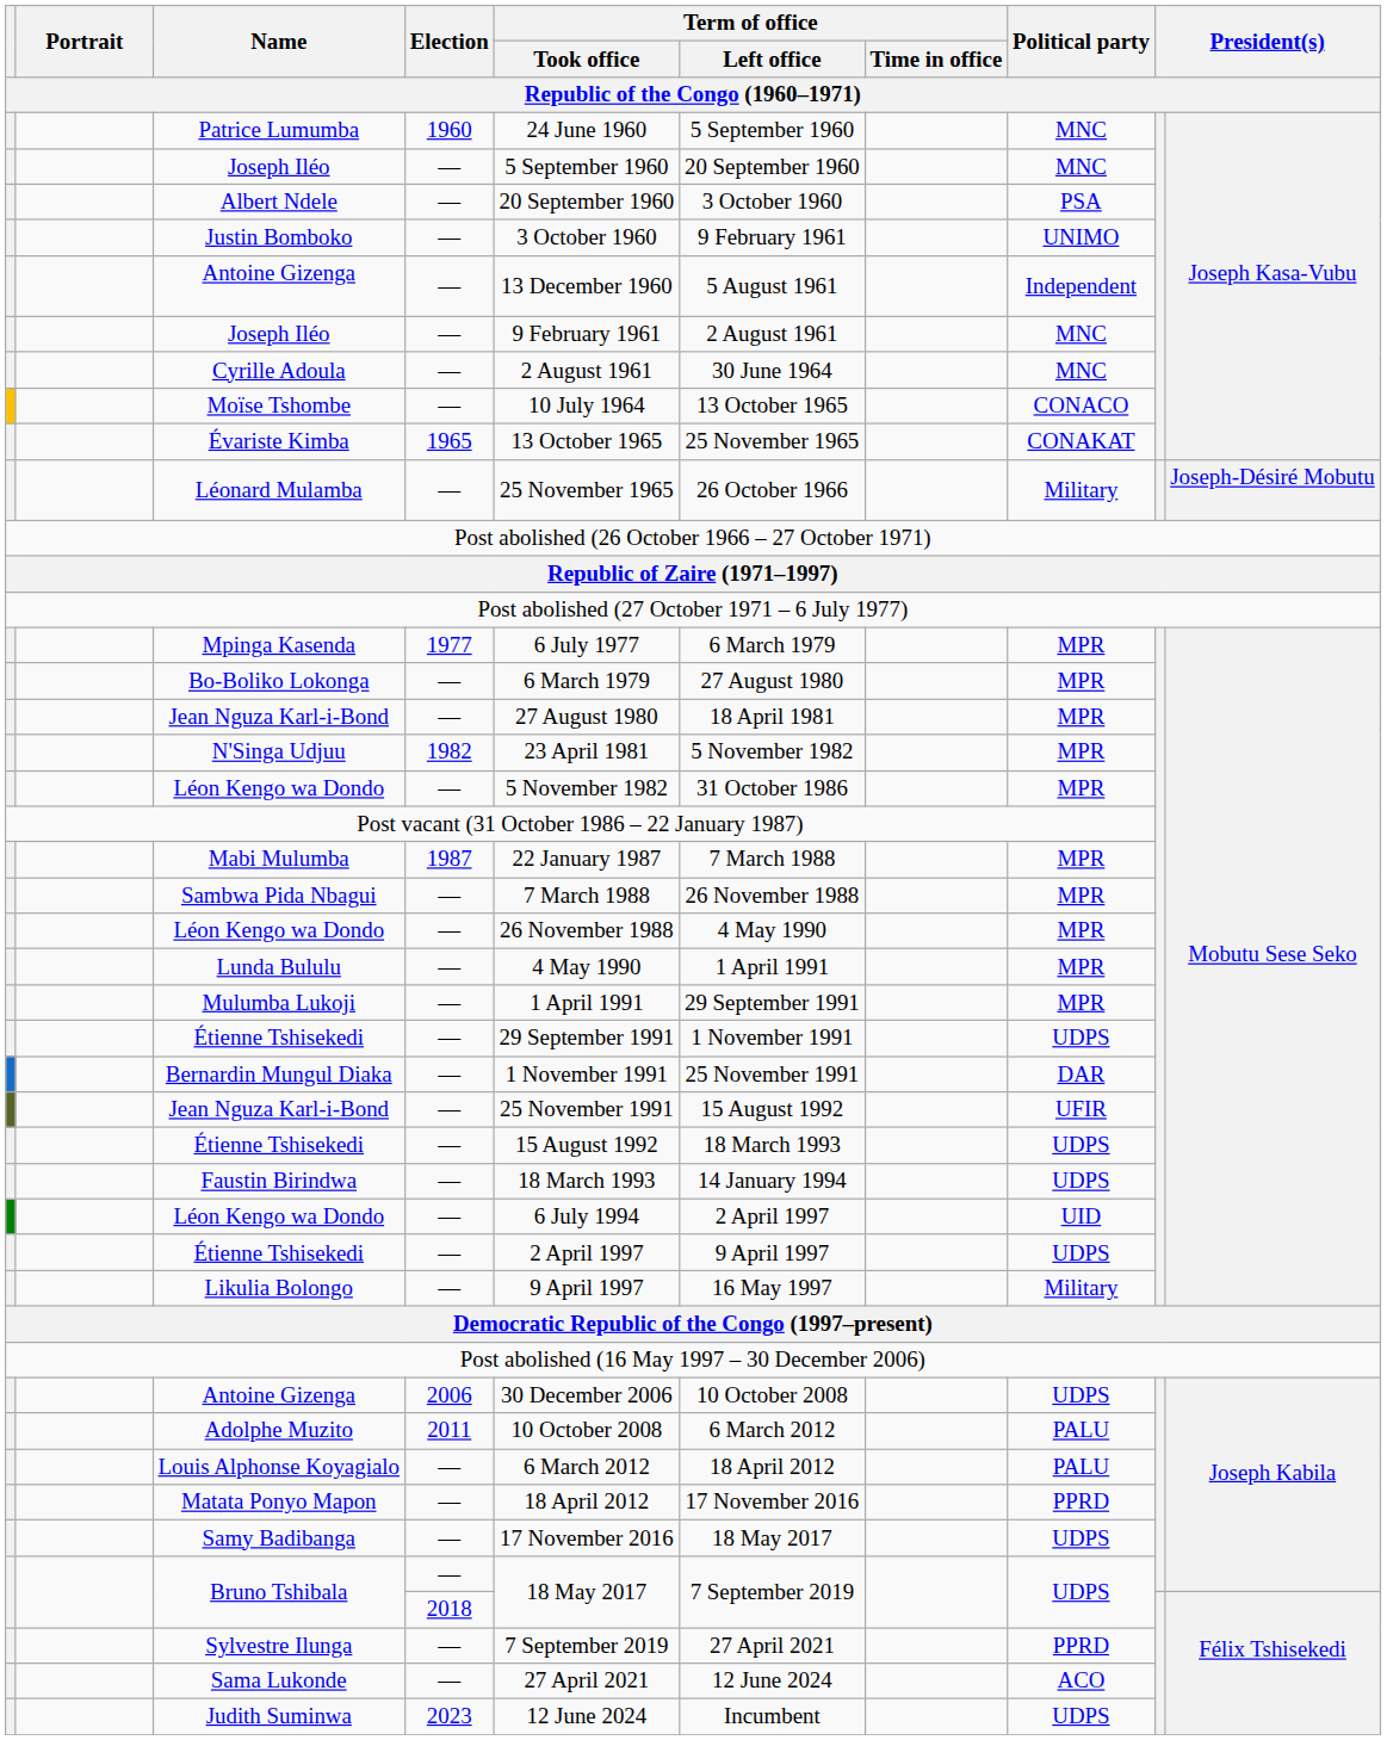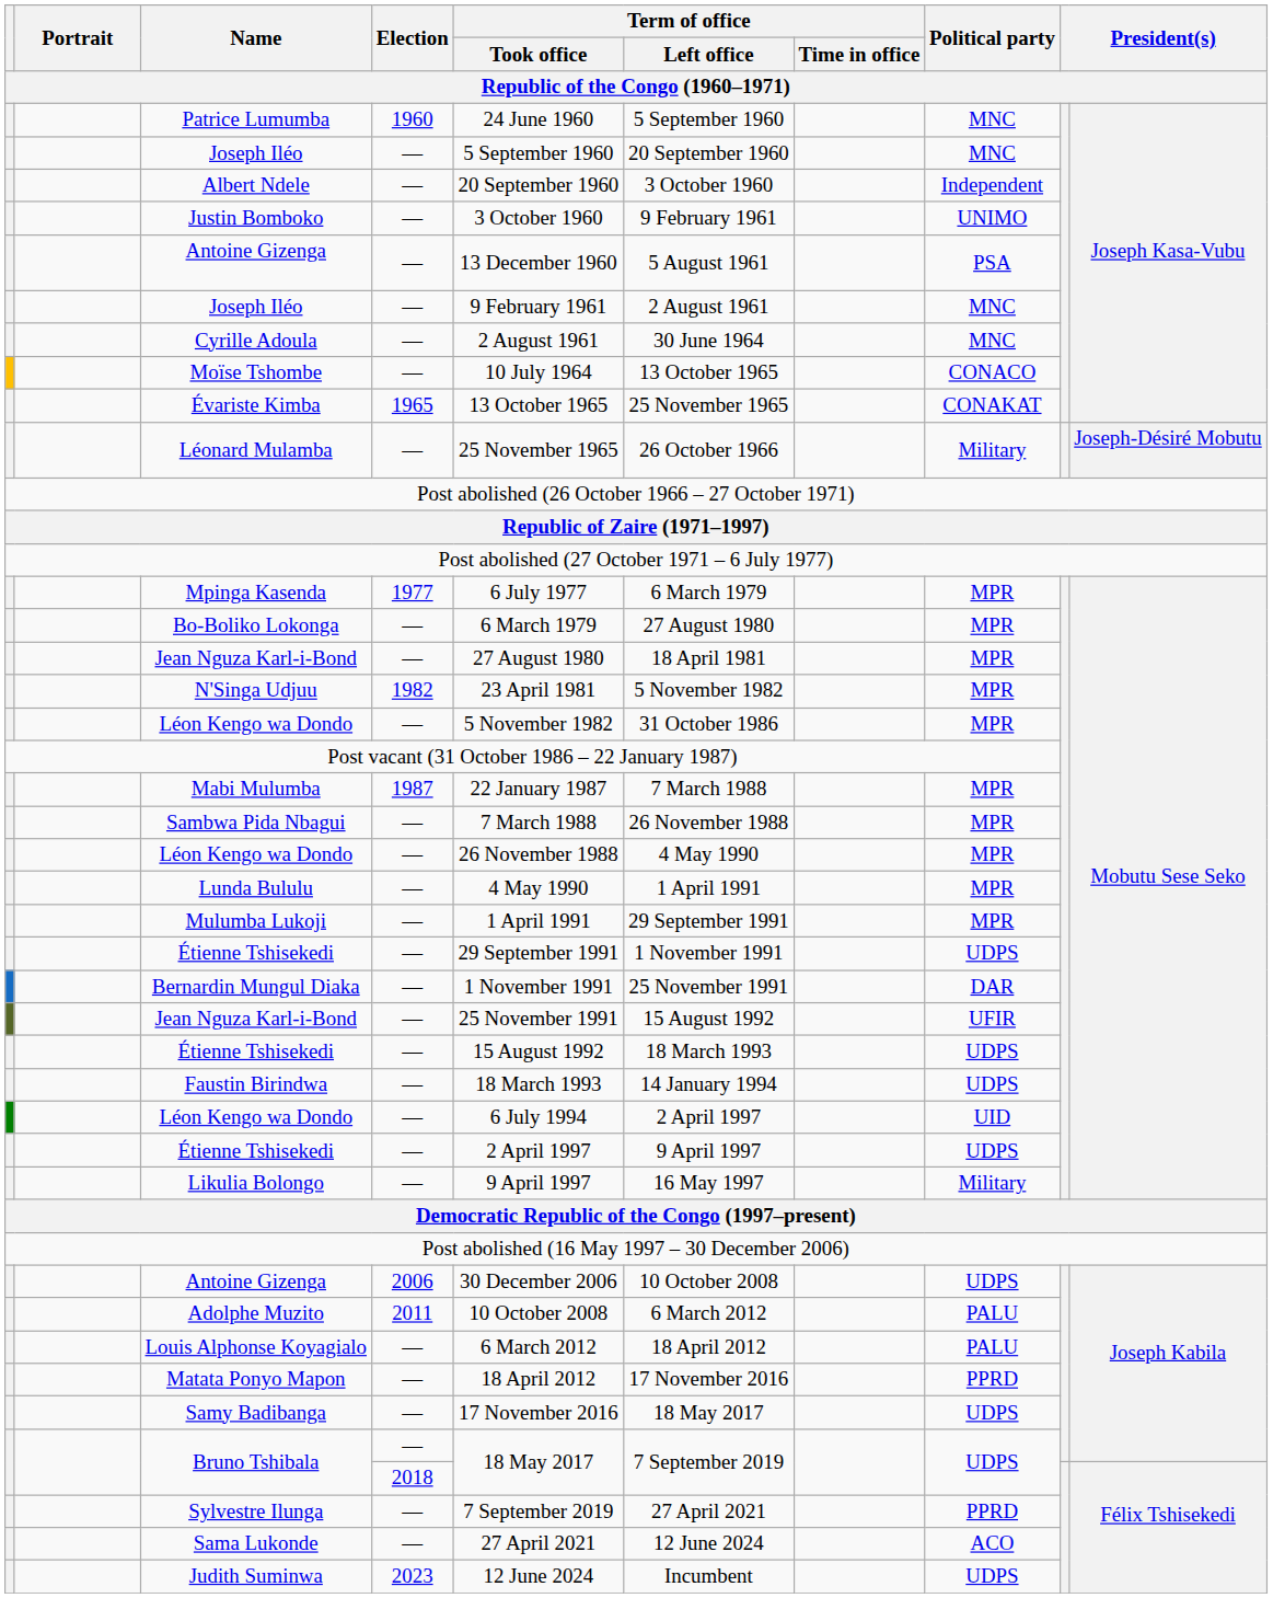 <table class="wikitable" style="text-align:center">
 <tr>
 <th rowspan="2"></th>
 <th rowspan="2" width="90px">Portrait</th>
 <th rowspan="2">Name<br></th>
 <th rowspan="2">Election</th>
 <th colspan="3">Term of office</th>
 <th rowspan="2">Political party</th>
 <th colspan="2" rowspan="2"><a href='#'>President(s)</a><br></th>
 </tr>
 <tr>
 <th>Took office</th>
 <th>Left office</th>
 <th>Time in office</th>
 </tr>
 <tr>
 <th colspan="10"><a href='#'>Republic of the Congo</a> (1960–1971)</th>
 </tr>
 <tr>
 <th style="background:"></th>
 <td></td>
 <td><a href='#'>Patrice Lumumba</a><br></td>
 <td><a href='#'>1960</a></td>
 <td>24 June 1960<br></td>
 <td>5 September 1960<br></td>
 <td></td>
 <td><a href='#'>MNC</a><br></td>
 <th rowspan="9" style="background:"></th>
 <th rowspan="9" style="font-weight:normal"><a href='#'>Joseph Kasa-Vubu</a><br><br></th>
 </tr>
 <tr>
 <th style="background:"></th>
 <td></td>
 <td><a href='#'>Joseph Iléo</a><br></td>
 <td>—</td>
 <td>5 September 1960</td>
 <td>20 September 1960</td>
 <td></td>
 <td><a href='#'>MNC</a><br></td>
 </tr>
 <tr>
 <th style="background:"></th>
 <td></td>
 <td><a href='#'>Albert Ndele</a><br></td>
 <td>—</td>
 <td>20 September 1960</td>
 <td>3 October 1960</td>
 <td></td>
-<td><a href='#'>PSA</a><br></td>
+<td><a href='#'>Independent</a></td>
 </tr>
 <tr>
 <th style="background:"></th>
 <td></td>
 <td><a href='#'>Justin Bomboko</a><br></td>
 <td>—</td>
 <td>3 October 1960</td>
 <td>9 February 1961</td>
 <td></td>
 <td><a href='#'>UNIMO</a></td>
 </tr>
 <tr>
 <th style="background:"></th>
 <td></td>
 <td><a href='#'>Antoine Gizenga</a><br><br><em></em></td>
 <td>—</td>
 <td>13 December 1960</td>
 <td>5 August 1961</td>
 <td></td>
-<td><a href='#'>Independent</a></td>
+<td><a href='#'>PSA</a><br></td>
 </tr>
 <tr>
 <th style="background:"></th>
 <td></td>
 <td><a href='#'>Joseph Iléo</a><br></td>
 <td>—</td>
 <td>9 February 1961</td>
 <td>2 August 1961</td>
 <td></td>
 <td><a href='#'>MNC</a><br></td>
 </tr>
 <tr>
 <th style="background:"></th>
 <td></td>
 <td><a href='#'>Cyrille Adoula</a><br></td>
 <td>—</td>
 <td>2 August 1961</td>
 <td>30 June 1964</td>
 <td></td>
 <td><a href='#'>MNC</a></td>
 </tr>
 <tr>
 <th style="background:#FFC000;"></th>
 <td></td>
 <td><a href='#'>Moïse Tshombe</a><br></td>
 <td>—</td>
 <td>10 July 1964</td>
 <td>13 October 1965</td>
 <td></td>
 <td><a href='#'>CONACO</a></td>
 </tr>
 <tr>
 <th style="background:"></th>
 <td></td>
 <td><a href='#'>Évariste Kimba</a><br></td>
 <td><a href='#'>1965</a></td>
 <td>13 October 1965</td>
 <td>25 November 1965<br></td>
 <td></td>
 <td><a href='#'>CONAKAT</a></td>
 </tr>
 <tr>
 <th style="background:"></th>
 <td></td>
 <td><a href='#'>Léonard Mulamba</a><br></td>
 <td>—</td>
 <td>25 November 1965</td>
 <td>26 October 1966</td>
 <td></td>
 <td><a href='#'>Military</a></td>
 <th rowspan="1" style="background:"></th>
 <th rowspan="1" style="font-weight:normal"><a href='#'>Joseph-Désiré Mobutu</a><br><br></th>
 </tr>
 <tr>
 <td colspan="10">Post abolished (26 October 1966 – 27 October 1971)</td>
 </tr>
 <tr>
 <th colspan="10"><a href='#'>Republic of Zaire</a> (1971–1997)</th>
 </tr>
 <tr>
 <td colspan="10">Post abolished (27 October 1971 – 6 July 1977)</td>
 </tr>
 <tr>
 <th style="background:"></th>
 <td></td>
 <td><a href='#'>Mpinga Kasenda</a><br></td>
 <td><a href='#'>1977</a></td>
 <td>6 July 1977</td>
 <td>6 March 1979</td>
 <td></td>
 <td><a href='#'>MPR</a></td>
 <th rowspan="19" style="background:"></th>
 <th rowspan="19" style="font-weight:normal"><a href='#'>Mobutu Sese Seko</a><br><br></th>
 </tr>
 <tr>
 <th style="background:"></th>
 <td></td>
 <td><a href='#'>Bo-Boliko Lokonga</a><br></td>
 <td>—</td>
 <td>6 March 1979</td>
 <td>27 August 1980</td>
 <td></td>
 <td><a href='#'>MPR</a></td>
 </tr>
 <tr>
 <th style="background:"></th>
 <td></td>
 <td><a href='#'>Jean Nguza Karl-i-Bond</a><br></td>
 <td>—</td>
 <td>27 August 1980</td>
 <td>18 April 1981</td>
 <td></td>
 <td><a href='#'>MPR</a></td>
 </tr>
 <tr>
 <th style="background:"></th>
 <td></td>
 <td><a href='#'>N'Singa Udjuu</a><br></td>
 <td><a href='#'>1982</a></td>
 <td>23 April 1981</td>
 <td>5 November 1982</td>
 <td></td>
 <td><a href='#'>MPR</a></td>
 </tr>
 <tr>
 <th style="background:"></th>
 <td></td>
 <td><a href='#'>Léon Kengo wa Dondo</a><br></td>
 <td>—</td>
 <td>5 November 1982</td>
 <td>31 October 1986</td>
 <td></td>
 <td><a href='#'>MPR</a></td>
 </tr>
 <tr>
 <td colspan="8">Post vacant (31 October 1986 – 22 January 1987)</td>
 </tr>
 <tr>
 <th style="background:"></th>
 <td></td>
 <td><a href='#'>Mabi Mulumba</a><br></td>
 <td><a href='#'>1987</a></td>
 <td>22 January 1987</td>
 <td>7 March 1988</td>
 <td></td>
 <td><a href='#'>MPR</a></td>
 </tr>
 <tr>
 <th style="background:"></th>
 <td></td>
 <td><a href='#'>Sambwa Pida Nbagui</a><br></td>
 <td>—</td>
 <td>7 March 1988</td>
 <td>26 November 1988</td>
 <td></td>
 <td><a href='#'>MPR</a></td>
 </tr>
 <tr>
 <th style="background:"></th>
 <td></td>
 <td><a href='#'>Léon Kengo wa Dondo</a><br></td>
 <td>—</td>
 <td>26 November 1988</td>
 <td>4 May 1990</td>
 <td></td>
 <td><a href='#'>MPR</a></td>
 </tr>
 <tr>
 <th style="background:"></th>
 <td></td>
 <td><a href='#'>Lunda Bululu</a><br></td>
 <td>—</td>
 <td>4 May 1990</td>
 <td>1 April 1991</td>
 <td></td>
 <td><a href='#'>MPR</a></td>
 </tr>
 <tr>
 <th style="background:"></th>
 <td></td>
 <td><a href='#'>Mulumba Lukoji</a><br></td>
 <td>—</td>
 <td>1 April 1991</td>
 <td>29 September 1991</td>
 <td></td>
 <td><a href='#'>MPR</a></td>
 </tr>
 <tr>
 <th style="background:"></th>
 <td></td>
 <td><a href='#'>Étienne Tshisekedi</a><br></td>
 <td>—</td>
 <td>29 September 1991</td>
 <td>1 November 1991</td>
 <td></td>
 <td><a href='#'>UDPS</a></td>
 </tr>
 <tr>
 <th style="background:#156CC4;"></th>
 <td></td>
 <td><a href='#'>Bernardin Mungul Diaka</a><br></td>
 <td>—</td>
 <td>1 November 1991</td>
 <td>25 November 1991</td>
 <td></td>
 <td><a href='#'>DAR</a></td>
 </tr>
 <tr>
 <th style="background:#556627;"></th>
 <td></td>
 <td><a href='#'>Jean Nguza Karl-i-Bond</a><br></td>
 <td>—</td>
 <td>25 November 1991</td>
 <td>15 August 1992</td>
 <td></td>
 <td><a href='#'>UFIR</a></td>
 </tr>
 <tr>
 <th style="background:"></th>
 <td></td>
 <td><a href='#'>Étienne Tshisekedi</a><br></td>
 <td>—</td>
 <td>15 August 1992</td>
 <td>18 March 1993</td>
 <td></td>
 <td><a href='#'>UDPS</a></td>
 </tr>
 <tr>
 <th style="background:"></th>
 <td></td>
 <td><a href='#'>Faustin Birindwa</a><br></td>
 <td>—</td>
 <td>18 March 1993</td>
 <td>14 January 1994</td>
 <td></td>
 <td><a href='#'>UDPS</a></td>
 </tr>
 <tr>
 <th style="background:#008000;"></th>
 <td></td>
 <td><a href='#'>Léon Kengo wa Dondo</a><br></td>
 <td>—</td>
 <td>6 July 1994</td>
 <td>2 April 1997</td>
 <td></td>
 <td><a href='#'>UID</a></td>
 </tr>
 <tr>
 <th style="background:"></th>
 <td></td>
 <td><a href='#'>Étienne Tshisekedi</a><br></td>
 <td>—</td>
 <td>2 April 1997</td>
 <td>9 April 1997</td>
 <td></td>
 <td><a href='#'>UDPS</a></td>
 </tr>
 <tr>
 <th style="background:"></th>
 <td></td>
 <td><a href='#'>Likulia Bolongo</a><br></td>
 <td>—</td>
 <td>9 April 1997</td>
 <td>16 May 1997<br></td>
 <td></td>
 <td><a href='#'>Military</a></td>
 </tr>
 <tr>
 <th colspan="10"><a href='#'>Democratic Republic of the Congo</a> (1997–present)</th>
 </tr>
 <tr>
 <td colspan="10">Post abolished (16 May 1997 – 30 December 2006)</td>
 </tr>
 <tr>
 <th style="background:"></th>
 <td></td>
 <td><a href='#'>Antoine Gizenga</a><br></td>
 <td><a href='#'>2006</a></td>
 <td>30 December 2006</td>
 <td>10 October 2008</td>
 <td></td>
 <td><a href='#'>UDPS</a></td>
 <th rowspan="6" style="background:"></th>
 <th rowspan="6" style="font-weight:normal"><a href='#'>Joseph Kabila</a><br><br></th>
 </tr>
 <tr>
 <th style="background:"></th>
 <td></td>
 <td><a href='#'>Adolphe Muzito</a><br></td>
 <td><a href='#'>2011</a></td>
 <td>10 October 2008</td>
 <td>6 March 2012</td>
 <td></td>
 <td><a href='#'>PALU</a></td>
 </tr>
 <tr>
 <th style="background:"></th>
 <td></td>
 <td><a href='#'>Louis Alphonse Koyagialo</a><br></td>
 <td>—</td>
 <td>6 March 2012</td>
 <td>18 April 2012</td>
 <td></td>
 <td><a href='#'>PALU</a></td>
 </tr>
 <tr>
 <th style="background:"></th>
 <td></td>
 <td><a href='#'>Matata Ponyo Mapon</a><br></td>
 <td>—</td>
 <td>18 April 2012</td>
 <td>17 November 2016</td>
 <td></td>
 <td><a href='#'>PPRD</a></td>
 </tr>
 <tr>
 <th style="background:"></th>
 <td></td>
 <td><a href='#'>Samy Badibanga</a><br></td>
 <td>—</td>
 <td>17 November 2016</td>
 <td>18 May 2017</td>
 <td></td>
 <td><a href='#'>UDPS</a></td>
 </tr>
 <tr>
 <th rowspan="2" style="background:"></th>
 <td rowspan="2"></td>
 <td rowspan="2"><a href='#'>Bruno Tshibala</a><br></td>
 <td>—</td>
 <td rowspan="2">18 May 2017</td>
 <td rowspan="2">7 September 2019</td>
 <td rowspan="2"></td>
 <td rowspan="2"><a href='#'>UDPS</a></td>
 </tr>
 <tr>
 <td><a href='#'>2018</a></td>
 <th rowspan="4" style="background:"></th>
 <th rowspan="4" style="font-weight:normal"><a href='#'>Félix Tshisekedi</a><br><br></th>
 </tr>
 <tr>
 <th style="background:"></th>
 <td></td>
 <td><a href='#'>Sylvestre Ilunga</a><br></td>
 <td>—</td>
 <td>7 September 2019</td>
 <td>27 April 2021</td>
 <td></td>
 <td><a href='#'>PPRD</a></td>
 </tr>
 <tr>
 <th style="background:"></th>
 <td></td>
 <td><a href='#'>Sama Lukonde</a><br></td>
 <td>—</td>
 <td>27 April 2021</td>
 <td>12 June 2024</td>
 <td></td>
 <td><a href='#'>ACO</a></td>
 </tr>
 <tr>
 <th style="background:"></th>
 <td></td>
 <td><a href='#'>Judith Suminwa</a><br></td>
 <td><a href='#'>2023</a></td>
 <td>12 June 2024</td>
 <td>Incumbent</td>
 <td></td>
 <td><a href='#'>UDPS</a></td>
 </tr>
 </table>
